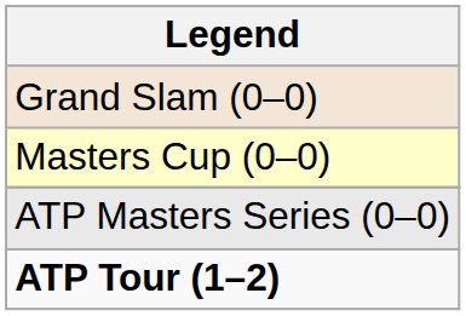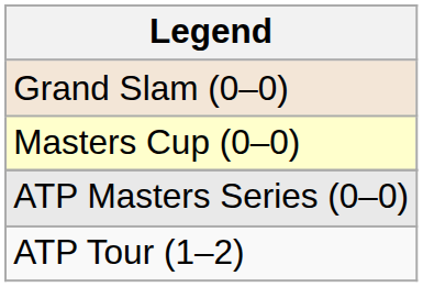 <table class="wikitable sortable mw-collapsible mw-collapsed">
 <tr>
 <th>Legend</th>
 </tr>
 <tr style="background:#f3e6d7;">
 <td>Grand Slam (0–0)</td>
 </tr>
 <tr style="background:#ffc;">
 <td>Masters Cup (0–0)</td>
 </tr>
 <tr bgcolor="#FFCCCC">
 </tr>
 <tr style="background:#e9e9e9;">
 <td>ATP Masters Series (0–0)</td>
 </tr>
 <tr>
-<td><strong>ATP Tour (1–2)</strong></td>
+<td>ATP Tour (1–2)</td>
 </tr>
 </table>
